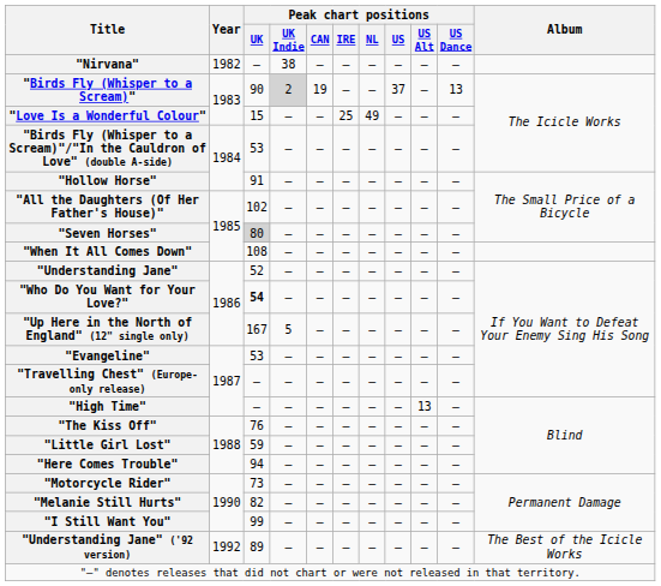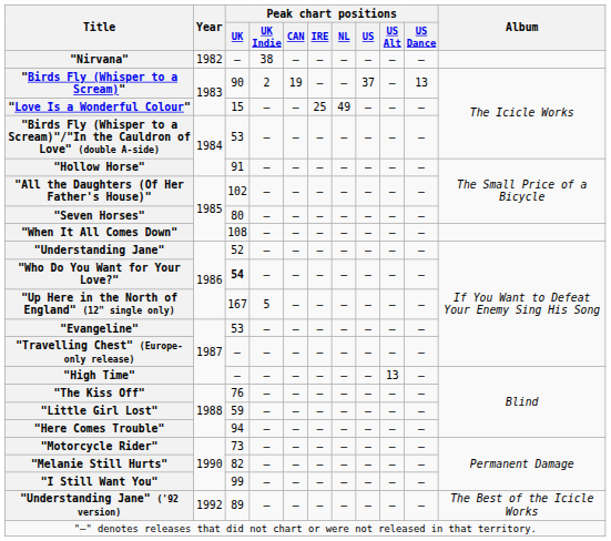 <table class="wikitable plainrowheaders" style="text-align:center;">
 <tr>
 <th rowspan="2" scope="col" style="width:17em;">Title</th>
 <th rowspan="2" scope="col" style="width:2em;">Year</th>
 <th colspan="8">Peak chart positions</th>
 <th rowspan="2" style="width:15em;">Album</th>
 </tr>
 <tr>
 <th scope="col" style="width:2em;font-size:90%;"><a href='#'>UK</a><br></th>
 <th scope="col" style="width:2em;font-size:90%;"><a href='#'>UK Indie</a><br></th>
 <th scope="col" style="width:2em;font-size:90%;"><a href='#'>CAN</a><br></th>
 <th scope="col" style="width:2em;font-size:90%;"><a href='#'>IRE</a><br></th>
 <th scope="col" style="width:2em;font-size:90%;"><a href='#'>NL</a><br></th>
 <th scope="col" style="width:2em;font-size:90%;"><a href='#'>US</a><br></th>
 <th scope="col" style="width:2em;font-size:90%;"><a href='#'>US Alt</a><br></th>
 <th scope="col" style="width:2em;font-size:90%;"><a href='#'>US Dance</a><br></th>
 </tr>
 <tr>
 <th scope="row">"Nirvana"</th>
 <td>1982</td>
 <td>—</td>
 <td>38</td>
 <td>—</td>
 <td>—</td>
 <td>—</td>
 <td>—</td>
 <td>—</td>
 <td>—</td>
 <td></td>
 </tr>
 <tr>
 <th scope="row">"<a href='#'>Birds Fly (Whisper to a Scream)</a>"</th>
 <td rowspan="2">1983</td>
 <td>90</td>
-<td style="background: lightgrey;">2</td>
+<td>2</td>
 <td>19</td>
 <td>—</td>
 <td>—</td>
 <td>37</td>
 <td>—</td>
 <td>13</td>
 <td rowspan="3"><em>The Icicle Works</em></td>
 </tr>
 <tr>
 <th scope="row">"<a href='#'>Love Is a Wonderful Colour</a>"</th>
 <td>15</td>
 <td>—</td>
 <td>—</td>
 <td>25</td>
 <td>49</td>
 <td>—</td>
 <td>—</td>
 <td>—</td>
 </tr>
 <tr>
 <th scope="row">"Birds Fly (Whisper to a Scream)"/"In the Cauldron of Love" <small>(double A-side)</small></th>
 <td rowspan="2">1984</td>
 <td>53</td>
 <td>—</td>
 <td>—</td>
 <td>—</td>
 <td>—</td>
 <td>—</td>
 <td>—</td>
 <td>—</td>
 </tr>
 <tr>
 <th scope="row">"Hollow Horse"</th>
 <td>91</td>
 <td>—</td>
 <td>—</td>
 <td>—</td>
 <td>—</td>
 <td>—</td>
 <td>—</td>
 <td>—</td>
 <td rowspan="3"><em>The Small Price of a Bicycle</em></td>
 </tr>
 <tr>
 <th scope="row">"All the Daughters (Of Her Father's House)"</th>
 <td rowspan="3">1985</td>
 <td>102</td>
 <td>—</td>
 <td>—</td>
 <td>—</td>
 <td>—</td>
 <td>—</td>
 <td>—</td>
 <td>—</td>
 </tr>
 <tr>
 <th scope="row">"Seven Horses"</th>
-<td style="background: lightgrey;">80</td>
+<td>80</td>
 <td>—</td>
 <td>—</td>
 <td>—</td>
 <td>—</td>
 <td>—</td>
 <td>—</td>
 <td>—</td>
 </tr>
 <tr>
 <th scope="row">"When It All Comes Down"</th>
 <td>108</td>
 <td>—</td>
 <td>—</td>
 <td>—</td>
 <td>—</td>
 <td>—</td>
 <td>—</td>
 <td>—</td>
 <td></td>
 </tr>
 <tr>
 <th scope="row">"Understanding Jane"</th>
 <td rowspan="3">1986</td>
 <td>52</td>
 <td>—</td>
 <td>—</td>
 <td>—</td>
 <td>—</td>
 <td>—</td>
 <td>—</td>
 <td>—</td>
 <td rowspan="5"><em>If You Want to Defeat Your Enemy Sing His Song</em></td>
 </tr>
 <tr>
 <th scope="row">"Who Do You Want for Your Love?"</th>
 <td><strong>54</strong></td>
 <td>—</td>
 <td>—</td>
 <td>—</td>
 <td>—</td>
 <td>—</td>
 <td>—</td>
 <td>—</td>
 </tr>
 <tr>
 <th scope="row">"Up Here in the North of England" <small>(12" single only)</small></th>
 <td>167</td>
 <td>5</td>
 <td>—</td>
 <td>—</td>
 <td>—</td>
 <td>—</td>
 <td>—</td>
 <td>—</td>
 </tr>
 <tr>
 <th scope="row">"Evangeline"</th>
 <td rowspan="3">1987</td>
 <td>53</td>
 <td>—</td>
 <td>—</td>
 <td>—</td>
 <td>—</td>
 <td>—</td>
 <td>—</td>
 <td>—</td>
 </tr>
 <tr>
 <th scope="row">"Travelling Chest" <small>(Europe-only release)</small></th>
 <td>—</td>
 <td>—</td>
 <td>—</td>
 <td>—</td>
 <td>—</td>
 <td>—</td>
 <td>—</td>
 <td>—</td>
 </tr>
 <tr>
 <th scope="row">"High Time"</th>
 <td>—</td>
 <td>—</td>
 <td>—</td>
 <td>—</td>
 <td>—</td>
 <td>—</td>
 <td>13</td>
 <td>—</td>
 <td rowspan="4"><em>Blind</em></td>
 </tr>
 <tr>
 <th scope="row">"The Kiss Off"</th>
 <td rowspan="3">1988</td>
 <td>76</td>
 <td>—</td>
 <td>—</td>
 <td>—</td>
 <td>—</td>
 <td>—</td>
 <td>—</td>
 <td>—</td>
 </tr>
 <tr>
 <th scope="row">"Little Girl Lost"</th>
 <td>59</td>
 <td>—</td>
 <td>—</td>
 <td>—</td>
 <td>—</td>
 <td>—</td>
 <td>—</td>
 <td>—</td>
 </tr>
 <tr>
 <th scope="row">"Here Comes Trouble"</th>
 <td>94</td>
 <td>—</td>
 <td>—</td>
 <td>—</td>
 <td>—</td>
 <td>—</td>
 <td>—</td>
 <td>—</td>
 </tr>
 <tr>
 <th scope="row">"Motorcycle Rider"</th>
 <td rowspan="3">1990</td>
 <td>73</td>
 <td>—</td>
 <td>—</td>
 <td>—</td>
 <td>—</td>
 <td>—</td>
 <td>—</td>
 <td>—</td>
 <td rowspan="3"><em>Permanent Damage</em></td>
 </tr>
 <tr>
 <th scope="row">"Melanie Still Hurts"</th>
 <td>82</td>
 <td>—</td>
 <td>—</td>
 <td>—</td>
 <td>—</td>
 <td>—</td>
 <td>—</td>
 <td>—</td>
 </tr>
 <tr>
 <th scope="row">"I Still Want You"</th>
 <td>99</td>
 <td>—</td>
 <td>—</td>
 <td>—</td>
 <td>—</td>
 <td>—</td>
 <td>—</td>
 <td>—</td>
 </tr>
 <tr>
 <th scope="row">"Understanding Jane" <small>('92 version)</small></th>
 <td>1992</td>
 <td>89</td>
 <td>—</td>
 <td>—</td>
 <td>—</td>
 <td>—</td>
 <td>—</td>
 <td>—</td>
 <td>—</td>
 <td><em>The Best of the Icicle Works</em></td>
 </tr>
 <tr>
 <td colspan="11" style="font-size:90%">"—" denotes releases that did not chart or were not released in that territory.</td>
 </tr>
 </table>
